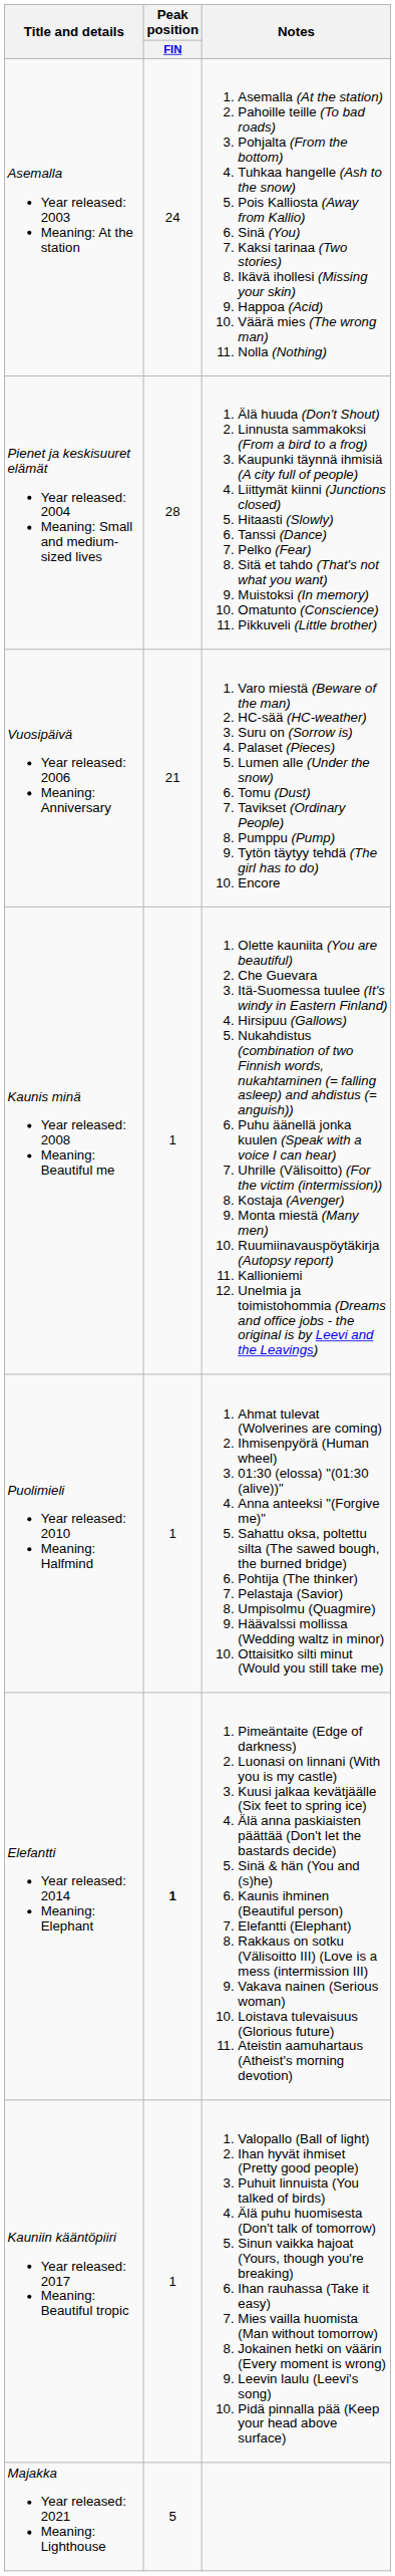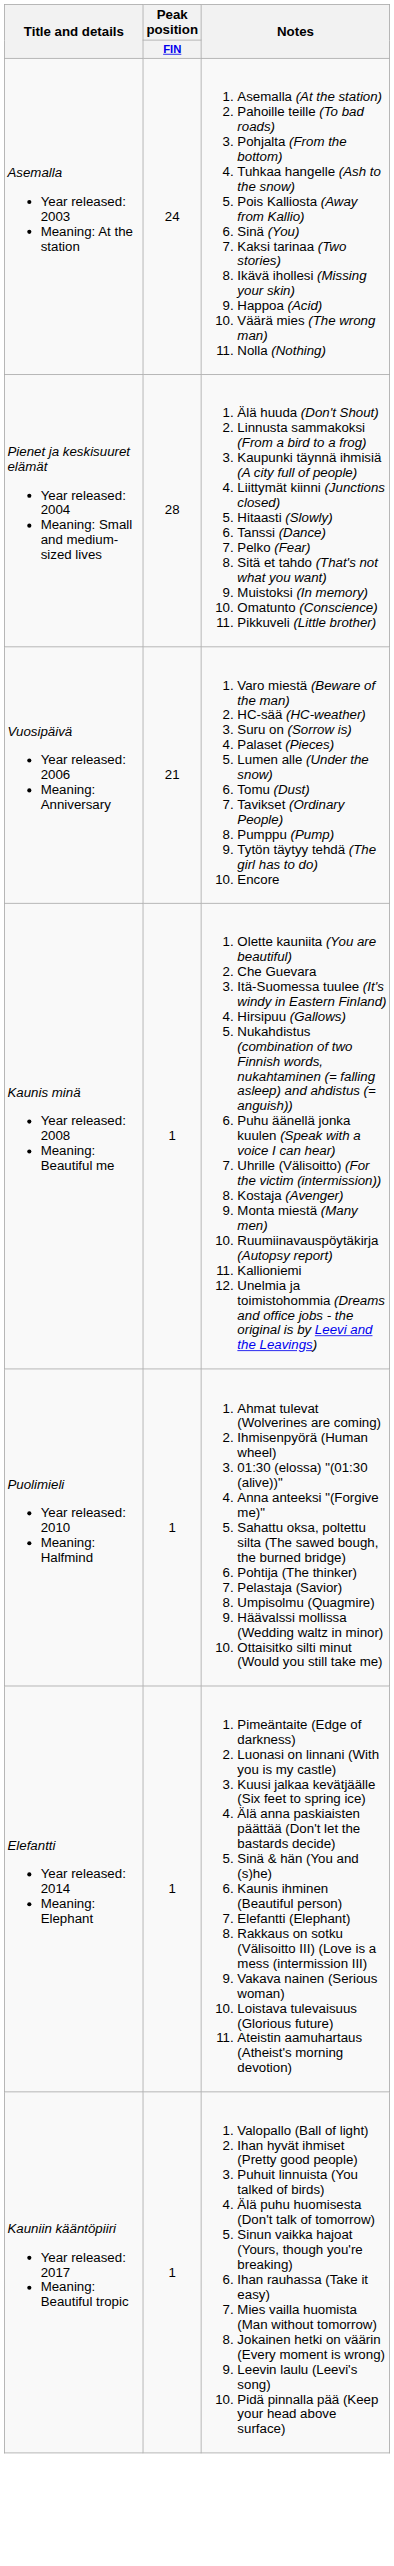 <table class="wikitable">
 <tr>
 <th align="center" rowspan="2" width="160">Title and details</th>
 <th align="center" colspan="1" width="20">Peak position</th>
 <th align="center" rowspan="2" width="220">Notes</th>
 </tr>
 <tr>
 <th style="width;font-size:85%"><a href='#'>FIN</a><br></th>
 </tr>
 <tr>
 <td><em>Asemalla</em><br><ul><li>Year released: 2003</li><li>Meaning: At the station</li></ul></td>
 <td style="text-align:center;">24</td>
 <td><br><ol><li>Asemalla <em>(At the station)</em></li><li>Pahoille teille <em>(To bad roads)</em></li><li>Pohjalta <em>(From the bottom)</em></li><li>Tuhkaa hangelle <em>(Ash to the snow)</em></li><li>Pois Kalliosta <em>(Away from Kallio)</em></li><li>Sinä <em>(You)</em></li><li>Kaksi tarinaa <em>(Two stories)</em></li><li>Ikävä ihollesi <em>(Missing your skin)</em></li><li>Happoa <em>(Acid)</em></li><li>Väärä mies <em>(The wrong man)</em></li><li>Nolla <em>(Nothing)</em></li></ol></td>
 </tr>
 <tr>
 <td><em>Pienet ja keskisuuret elämät</em><br><ul><li>Year released: 2004</li><li>Meaning: Small and medium-sized lives</li></ul></td>
 <td style="text-align:center;">28</td>
 <td><br><ol><li>Älä huuda <em>(Don't Shout)</em></li><li>Linnusta sammakoksi <em>(From a bird to a frog)</em></li><li>Kaupunki täynnä ihmisiä <em>(A city full of people)</em></li><li>Liittymät kiinni <em>(Junctions closed)</em></li><li>Hitaasti <em>(Slowly)</em></li><li>Tanssi <em>(Dance)</em></li><li>Pelko <em>(Fear)</em></li><li>Sitä et tahdo <em>(That's not what you want)</em></li><li>Muistoksi <em>(In memory)</em></li><li>Omatunto <em>(Conscience)</em></li><li>Pikkuveli <em>(Little brother)</em></li></ol></td>
 </tr>
 <tr>
 <td><em>Vuosipäivä</em><br><ul><li>Year released: 2006</li><li>Meaning: Anniversary</li></ul></td>
 <td style="text-align:center;">21</td>
 <td><br><ol><li>Varo miestä <em>(Beware of the man)</em></li><li>HC-sää <em>(HC-weather)</em></li><li>Suru on <em>(Sorrow is)</em></li><li>Palaset <em>(Pieces)</em></li><li>Lumen alle <em>(Under the snow)</em></li><li>Tomu <em>(Dust)</em></li><li>Tavikset <em>(Ordinary People)</em></li><li>Pumppu <em>(Pump)</em></li><li>Tytön täytyy tehdä <em>(The girl has to do)</em></li><li>Encore</li></ol></td>
 </tr>
 <tr>
 <td><em>Kaunis minä</em><br><ul><li>Year released: 2008</li><li>Meaning: Beautiful me</li></ul></td>
 <td style="text-align:center;">1</td>
 <td><br><ol><li>Olette kauniita <em>(You are beautiful)</em></li><li>Che Guevara</li><li>Itä-Suomessa tuulee <em>(It's windy in Eastern Finland)</em></li><li>Hirsipuu <em>(Gallows)</em></li><li>Nukahdistus <em>(combination of two Finnish words, nukahtaminen (= falling asleep) and ahdistus (= anguish))</em></li><li>Puhu äänellä jonka kuulen <em>(Speak with a voice I can hear)</em></li><li>Uhrille (Välisoitto) <em>(For the victim (intermission))</em></li><li>Kostaja <em>(Avenger)</em></li><li>Monta miestä <em>(Many men)</em></li><li>Ruumiinavauspöytäkirja <em>(Autopsy report)</em></li><li>Kallioniemi</li><li>Unelmia ja toimistohommia <em>(Dreams and office jobs - the original is by <a href='#'>Leevi and the Leavings</a>)</em></li></ol></td>
 </tr>
 <tr>
 <td><em>Puolimieli</em><br><ul><li>Year released: 2010</li><li>Meaning: Halfmind</li></ul></td>
 <td style="text-align:center;">1</td>
 <td><br><ol><li>Ahmat tulevat (Wolverines are coming)</li><li>Ihmisenpyörä (Human wheel)</li><li>01:30 (elossa) "(01:30 (alive))"</li><li>Anna anteeksi "(Forgive me)"</li><li>Sahattu oksa, poltettu silta (The sawed bough, the burned bridge)</li><li>Pohtija (The thinker)</li><li>Pelastaja (Savior)</li><li>Umpisolmu (Quagmire)</li><li>Häävalssi mollissa (Wedding waltz in minor)</li><li>Ottaisitko silti minut (Would you still take me)</li></ol></td>
 </tr>
 <tr>
 <td><em>Elefantti</em><br><ul><li>Year released: 2014</li><li>Meaning: Elephant</li></ul></td>
-<td style="text-align:center;"><strong>1</strong></td>
+<td style="text-align:center;">1</td>
 <td><br><ol><li>Pimeäntaite (Edge of darkness)</li><li>Luonasi on linnani (With you is my castle)</li><li>Kuusi jalkaa kevätjäälle (Six feet to spring ice)</li><li>Älä anna paskiaisten päättää (Don't let the bastards decide)</li><li>Sinä & hän (You and (s)he)</li><li>Kaunis ihminen (Beautiful person)</li><li>Elefantti (Elephant)</li><li>Rakkaus on sotku (Välisoitto III) (Love is a mess (intermission III)</li><li>Vakava nainen (Serious woman)</li><li>Loistava tulevaisuus (Glorious future)</li><li>Ateistin aamuhartaus (Atheist's morning devotion)</li></ol></td>
 </tr>
 <tr>
 <td><em>Kauniin kääntöpiiri</em><br><ul><li>Year released: 2017</li><li>Meaning: Beautiful tropic</li></ul></td>
 <td style="text-align:center;">1<br></td>
 <td><br><ol><li>Valopallo (Ball of light)</li><li>Ihan hyvät ihmiset (Pretty good people)</li><li>Puhuit linnuista (You talked of birds)</li><li>Älä puhu huomisesta (Don't talk of tomorrow)</li><li>Sinun vaikka hajoat (Yours, though you're breaking)</li><li>Ihan rauhassa (Take it easy)</li><li>Mies vailla huomista (Man without tomorrow)</li><li>Jokainen hetki on väärin (Every moment is wrong)</li><li>Leevin laulu (Leevi's song)</li><li>Pidä pinnalla pää (Keep your head above surface)</li></ol></td>
 </tr>
-<tr>
-<td><em>Majakka</em><br><ul><li>Year released: 2021</li><li>Meaning: Lighthouse</li></ul></td>
-<td style="text-align:center;">5<br></td>
-<td></td>
-</tr>
 </table>
